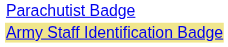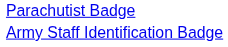 <table>
 <tr>
 <td>  <a href='#'>Parachutist Badge</a></td>
 </tr>
 <tr>
-<td style="background: khaki;">  <a href='#'>Army Staff Identification Badge</a></td>
+<td>  <a href='#'>Army Staff Identification Badge</a></td>
 </tr>
 </table>
